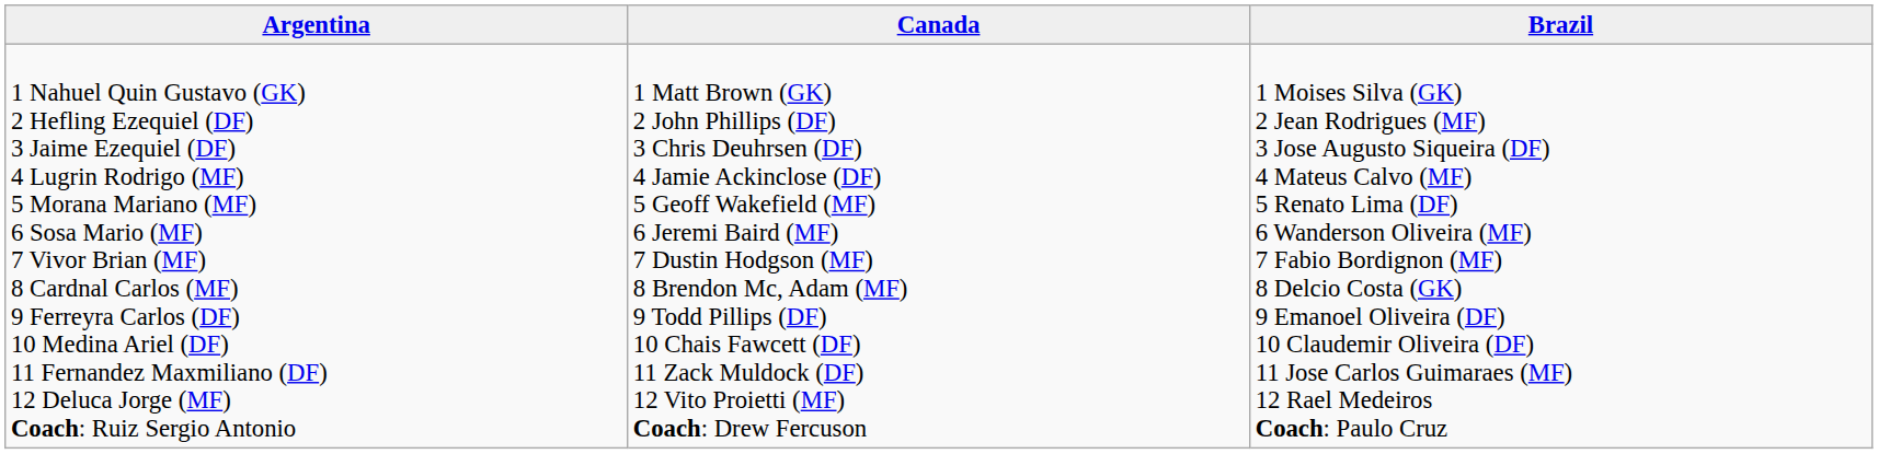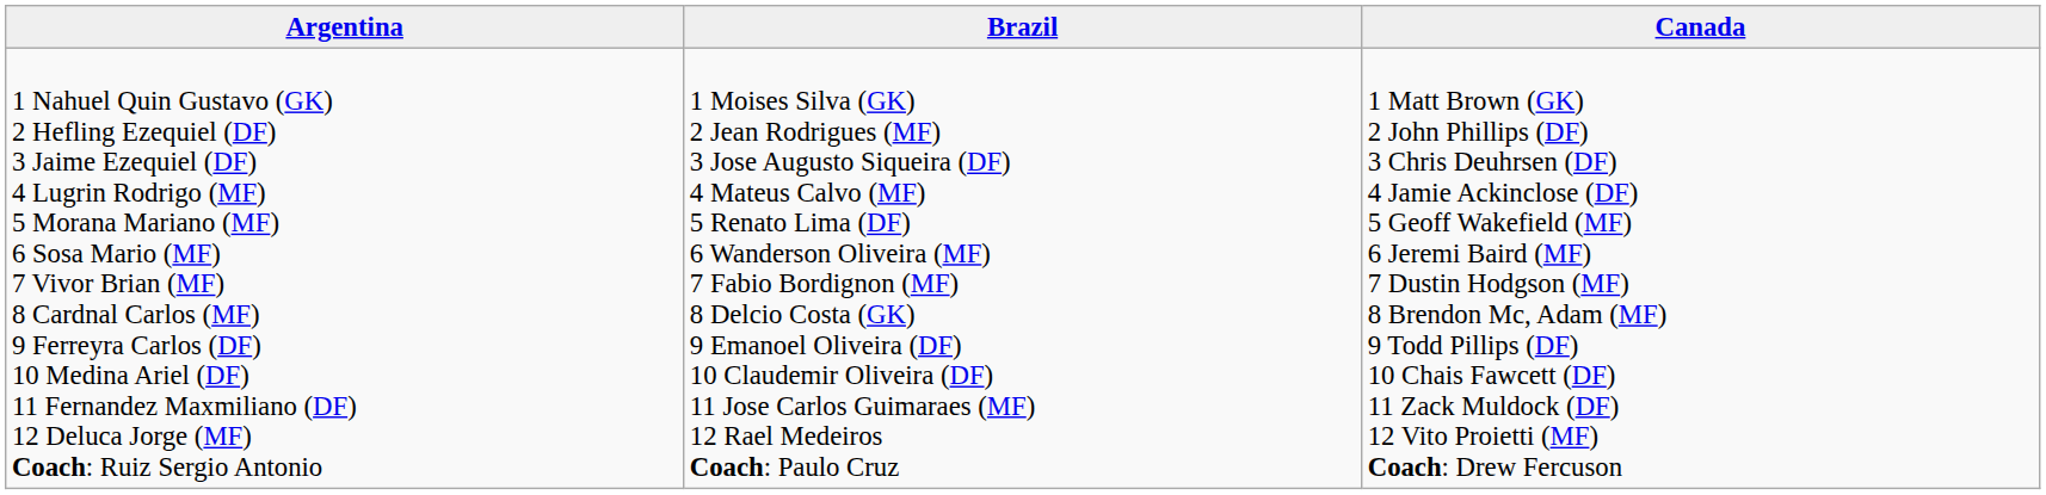 <table class="wikitable mw-collapsible mw-collapsed" cellpadding=5 cellspacing=0 style="width:95%">
 <tr align=center>
 <td bgcolor="#efefef" width="200"><strong> <a href='#'>Argentina</a></strong></td>
+<td bgcolor="#efefef" width="200"><strong> <a href='#'>Brazil</a></strong></td>
 <td bgcolor="#efefef" width="200"><strong> <a href='#'>Canada</a></strong></td>
-<td bgcolor="#efefef" width="200"><strong> <a href='#'>Brazil</a></strong></td>
 </tr>
 <tr valign=top>
 <td><br>1 Nahuel Quin Gustavo (<a href='#'>GK</a>)<br> 2 Hefling Ezequiel (<a href='#'>DF</a>)<br> 3 Jaime Ezequiel (<a href='#'>DF</a>)<br> 4 Lugrin Rodrigo (<a href='#'>MF</a>)<br> 5 Morana Mariano (<a href='#'>MF</a>)<br> 6 Sosa Mario (<a href='#'>MF</a>)<br> 7 Vivor Brian (<a href='#'>MF</a>)<br> 8 Cardnal Carlos (<a href='#'>MF</a>)<br> 9 Ferreyra Carlos (<a href='#'>DF</a>)<br> 10 Medina Ariel (<a href='#'>DF</a>)<br> 11 Fernandez Maxmiliano (<a href='#'>DF</a>)<br> 12 Deluca Jorge (<a href='#'>MF</a>)<br> <strong>Coach</strong>: Ruiz Sergio Antonio</td>
+<td><br>1 Moises Silva (<a href='#'>GK</a>)<br> 2 Jean Rodrigues (<a href='#'>MF</a>)<br> 3 Jose Augusto Siqueira (<a href='#'>DF</a>)<br> 4 Mateus Calvo (<a href='#'>MF</a>)<br> 5 Renato Lima (<a href='#'>DF</a>)<br> 6 Wanderson Oliveira (<a href='#'>MF</a>)<br> 7 Fabio Bordignon (<a href='#'>MF</a>)<br> 8 Delcio Costa (<a href='#'>GK</a>)<br> 9 Emanoel Oliveira (<a href='#'>DF</a>)<br> 10 Claudemir Oliveira (<a href='#'>DF</a>)<br> 11 Jose Carlos Guimaraes (<a href='#'>MF</a>)<br> 12 Rael Medeiros<br> <strong>Coach</strong>: Paulo Cruz</td>
 <td><br>1 Matt Brown (<a href='#'>GK</a>)<br> 2 John Phillips (<a href='#'>DF</a>)<br> 3 Chris Deuhrsen (<a href='#'>DF</a>)<br> 4 Jamie Ackinclose (<a href='#'>DF</a>)<br> 5 Geoff Wakefield (<a href='#'>MF</a>)<br> 6 Jeremi Baird (<a href='#'>MF</a>)<br> 7 Dustin Hodgson (<a href='#'>MF</a>)<br> 8 Brendon Mc, Adam (<a href='#'>MF</a>)<br> 9 Todd Pillips (<a href='#'>DF</a>)<br> 10 Chais Fawcett (<a href='#'>DF</a>)<br> 11 Zack Muldock (<a href='#'>DF</a>)<br> 12 Vito Proietti (<a href='#'>MF</a>)<br> <strong>Coach</strong>: Drew Fercuson</td>
-<td><br>1 Moises Silva (<a href='#'>GK</a>)<br> 2 Jean Rodrigues (<a href='#'>MF</a>)<br> 3 Jose Augusto Siqueira (<a href='#'>DF</a>)<br> 4 Mateus Calvo (<a href='#'>MF</a>)<br> 5 Renato Lima (<a href='#'>DF</a>)<br> 6 Wanderson Oliveira (<a href='#'>MF</a>)<br> 7 Fabio Bordignon (<a href='#'>MF</a>)<br> 8 Delcio Costa (<a href='#'>GK</a>)<br> 9 Emanoel Oliveira (<a href='#'>DF</a>)<br> 10 Claudemir Oliveira (<a href='#'>DF</a>)<br> 11 Jose Carlos Guimaraes (<a href='#'>MF</a>)<br> 12 Rael Medeiros<br> <strong>Coach</strong>: Paulo Cruz</td>
 </tr>
 </table>
